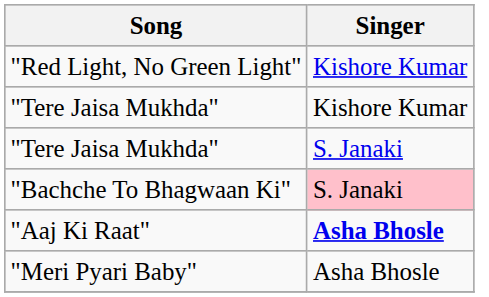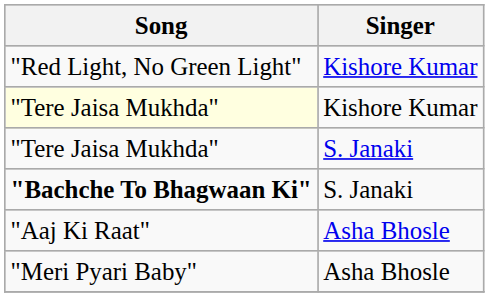 <table class="wikitable" style="font-size:95%;">
 <tr>
 <th>Song</th>
 <th>Singer</th>
 </tr>
 <tr>
 <td>"Red Light, No Green Light"</td>
 <td><a href='#'>Kishore Kumar</a></td>
 </tr>
 <tr>
-<td>"Tere Jaisa Mukhda"</td>
+<td style="background: lightyellow;">"Tere Jaisa Mukhda"</td>
 <td>Kishore Kumar</td>
 </tr>
 <tr>
 <td>"Tere Jaisa Mukhda"</td>
 <td><a href='#'>S. Janaki</a></td>
 </tr>
 <tr>
-<td>"Bachche To Bhagwaan Ki"</td>
-<td style="background: pink;">S. Janaki</td>
+<td><strong>"Bachche To Bhagwaan Ki"</strong></td>
+<td>S. Janaki</td>
 </tr>
 <tr>
 <td>"Aaj Ki Raat"</td>
-<td><strong><a href='#'>Asha Bhosle</a></strong></td>
+<td><a href='#'>Asha Bhosle</a></td>
 </tr>
 <tr>
 <td>"Meri Pyari Baby"</td>
 <td>Asha Bhosle</td>
 </tr>
 <tr>
 </tr>
 </table>
